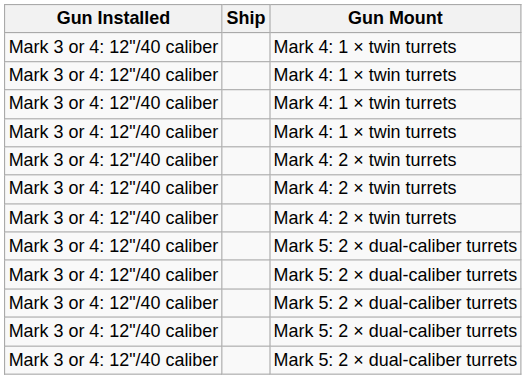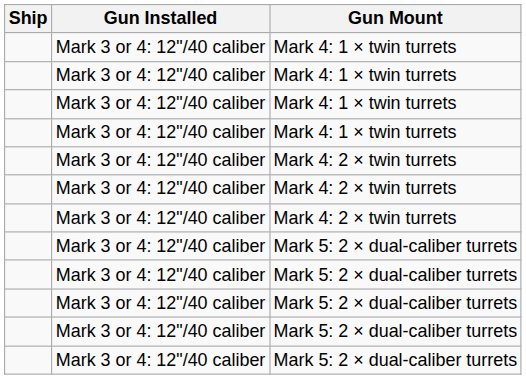 <table class="wikitable">
 <tr>
+<th>Ship</th>
 <th>Gun Installed</th>
-<th>Ship</th>
 <th>Gun Mount</th>
 </tr>
 <tr>
+<td></td>
 <td>Mark 3 or 4: 12"/40 caliber</td>
-<td></td>
 <td>Mark 4: 1 × twin turrets</td>
 </tr>
 <tr>
+<td></td>
 <td>Mark 3 or 4: 12"/40 caliber</td>
-<td></td>
 <td>Mark 4: 1 × twin turrets</td>
 </tr>
 <tr>
+<td></td>
 <td>Mark 3 or 4: 12"/40 caliber</td>
-<td></td>
 <td>Mark 4: 1 × twin turrets</td>
 </tr>
 <tr>
+<td></td>
 <td>Mark 3 or 4: 12"/40 caliber</td>
-<td></td>
 <td>Mark 4: 1 × twin turrets</td>
 </tr>
 <tr>
+<td></td>
 <td>Mark 3 or 4: 12"/40 caliber</td>
-<td></td>
 <td>Mark 4: 2 × twin turrets</td>
 </tr>
 <tr>
+<td></td>
 <td>Mark 3 or 4: 12"/40 caliber</td>
-<td></td>
 <td>Mark 4: 2 × twin turrets</td>
 </tr>
 <tr>
+<td></td>
 <td>Mark 3 or 4: 12"/40 caliber</td>
-<td></td>
 <td>Mark 4: 2 × twin turrets</td>
 </tr>
 <tr>
+<td></td>
 <td>Mark 3 or 4: 12"/40 caliber</td>
-<td></td>
 <td>Mark 5: 2 × dual-caliber turrets</td>
 </tr>
 <tr>
+<td></td>
 <td>Mark 3 or 4: 12"/40 caliber</td>
-<td></td>
 <td>Mark 5: 2 × dual-caliber turrets</td>
 </tr>
 <tr>
+<td></td>
 <td>Mark 3 or 4: 12"/40 caliber</td>
-<td></td>
 <td>Mark 5: 2 × dual-caliber turrets</td>
 </tr>
 <tr>
+<td></td>
 <td>Mark 3 or 4: 12"/40 caliber</td>
-<td></td>
 <td>Mark 5: 2 × dual-caliber turrets</td>
 </tr>
 <tr>
+<td></td>
 <td>Mark 3 or 4: 12"/40 caliber</td>
-<td></td>
 <td>Mark 5: 2 × dual-caliber turrets</td>
 </tr>
 </table>
